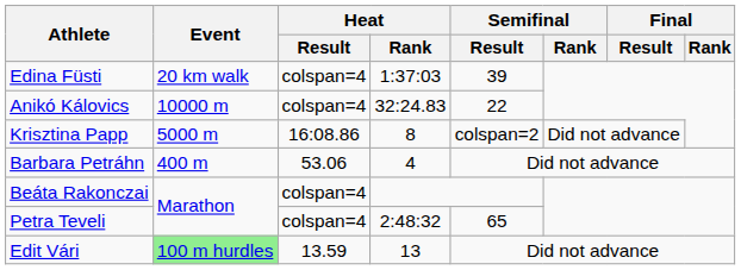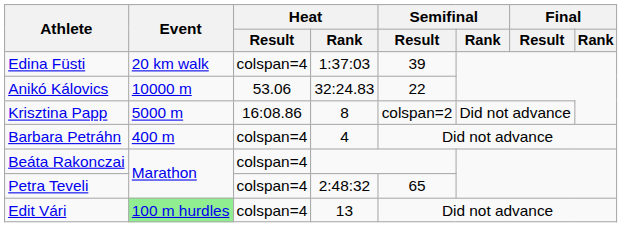 <table class=wikitable style="font-size:90%">
 <tr>
 <th rowspan="2">Athlete</th>
 <th rowspan="2">Event</th>
 <th colspan="2">Heat</th>
 <th colspan="2">Semifinal</th>
 <th colspan="2">Final</th>
 </tr>
 <tr style="font-size:95%">
 <th>Result</th>
 <th>Rank</th>
 <th>Result</th>
 <th>Rank</th>
 <th>Result</th>
 <th>Rank</th>
 </tr>
 <tr align=center>
 <td align=left><a href='#'>Edina Füsti</a></td>
 <td align=left><a href='#'>20 km walk</a></td>
 <td>colspan=4 </td>
 <td>1:37:03</td>
 <td>39</td>
 </tr>
 <tr align=center>
 <td align=left><a href='#'>Anikó Kálovics</a></td>
 <td align=left><a href='#'>10000 m</a></td>
-<td>colspan=4 </td>
+<td>53.06</td>
 <td>32:24.83</td>
 <td>22</td>
 </tr>
 <tr align=center>
 <td align=left><a href='#'>Krisztina Papp</a></td>
 <td align=left><a href='#'>5000 m</a></td>
 <td>16:08.86</td>
 <td>8</td>
 <td>colspan=2 </td>
 <td colspan=2>Did not advance</td>
 </tr>
 <tr align=center>
 <td align=left><a href='#'>Barbara Petráhn</a></td>
 <td align=left><a href='#'>400 m</a></td>
-<td>53.06</td>
+<td>colspan=4 </td>
 <td>4</td>
 <td colspan=4>Did not advance</td>
 </tr>
 <tr align=center>
 <td align=left><a href='#'>Beáta Rakonczai</a></td>
 <td align=left rowspan=2><a href='#'>Marathon</a></td>
 <td>colspan=4 </td>
 <td colspan=2></td>
 </tr>
 <tr align=center>
 <td align=left><a href='#'>Petra Teveli</a></td>
 <td>colspan=4 </td>
 <td>2:48:32</td>
 <td>65</td>
 </tr>
 <tr align=center>
 <td align=left><a href='#'>Edit Vári</a></td>
 <td align=left style="background: lightgreen;"><a href='#'>100 m hurdles</a></td>
-<td>13.59</td>
+<td>colspan=4 </td>
 <td>13</td>
 <td colspan=4>Did not advance</td>
 </tr>
 </table>
